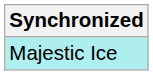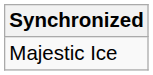 <table class="wikitable">
 <tr>
 <th>Synchronized</th>
 </tr>
 <tr>
-<td style="background: paleturquoise;">Majestic Ice</td>
+<td>Majestic Ice</td>
 </tr>
 </table>
